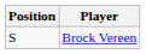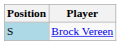 <table class="wikitable">
 <tr>
 <th>Position</th>
 <th>Player</th>
 </tr>
 <tr>
-<td>S</td>
+<td style="background: lightblue;">S</td>
 <td><a href='#'>Brock Vereen</a></td>
 </tr>
 </table>
